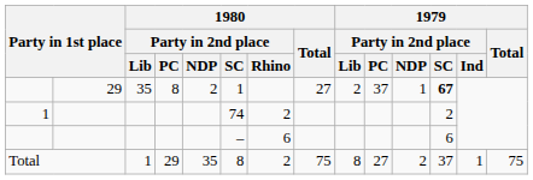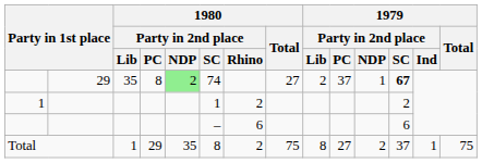 <table class="wikitable" style="text-align:right;">
 <tr>
 <th rowspan="3" colspan="2" style="text-align:left;">Party in 1st place</th>
 <th colspan="6">1980</th>
 <th colspan="6">1979</th>
 </tr>
 <tr>
 <th colspan="5">Party in 2nd place</th>
 <th rowspan="2">Total</th>
 <th colspan="5">Party in 2nd place</th>
 <th rowspan="2">Total</th>
 </tr>
 <tr>
 <th>Lib</th>
 <th>PC</th>
 <th>NDP</th>
 <th>SC</th>
 <th>Rhino</th>
 <th>Lib</th>
 <th>PC</th>
 <th>NDP</th>
 <th>SC</th>
 <th>Ind</th>
 </tr>
 <tr>
 <td></td>
 <td>29</td>
 <td>35</td>
 <td>8</td>
-<td>2</td>
-<td>1</td>
+<td style="background: lightgreen;">2</td>
+<td>74</td>
 <td></td>
 <td>27</td>
 <td>2</td>
 <td>37</td>
 <td>1</td>
 <td><strong>67</strong></td>
 </tr>
 <tr>
 <td>1</td>
 <td></td>
 <td></td>
 <td></td>
 <td></td>
-<td>74</td>
+<td>1</td>
 <td>2</td>
 <td></td>
 <td></td>
 <td></td>
 <td></td>
 <td>2</td>
 </tr>
 <tr>
 <td></td>
 <td></td>
 <td></td>
 <td></td>
 <td></td>
 <td>–</td>
 <td>6</td>
 <td></td>
 <td></td>
 <td></td>
 <td></td>
 <td>6</td>
 </tr>
 <tr>
 <td colspan="2" style="text-align:left;">Total</td>
 <td>1</td>
 <td>29</td>
 <td>35</td>
 <td>8</td>
 <td>2</td>
 <td>75</td>
 <td>8</td>
 <td>27</td>
 <td>2</td>
 <td>37</td>
 <td>1</td>
 <td>75</td>
 </tr>
 </table>
